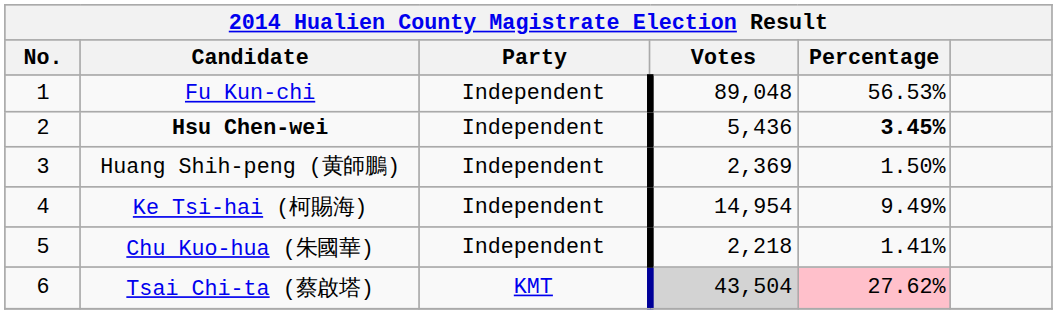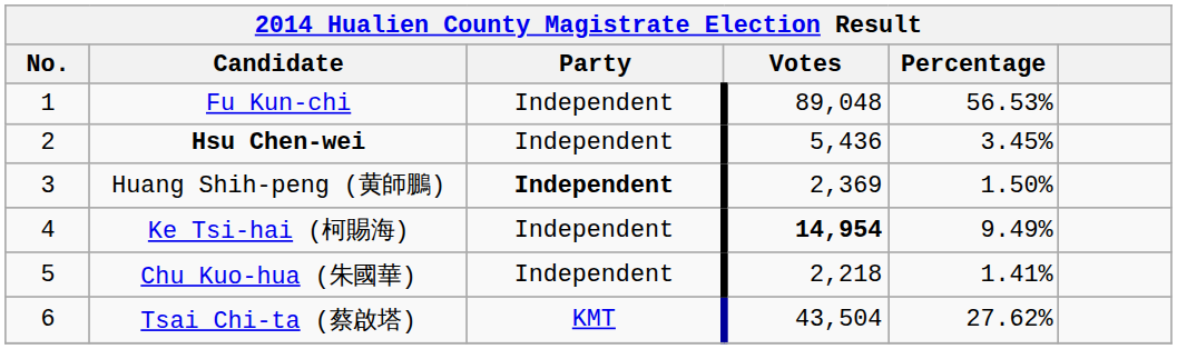 <table class="wikitable" style="text-align:center;margin: 1em auto;">
 <tr>
 <th colspan="7" width=620px><a href='#'>2014 Hualien County Magistrate Election</a> Result</th>
 </tr>
 <tr>
 <th width=35>No.</th>
 <th width=180>Candidate</th>
 <th width=120>Party</th>
 <th width=75>Votes</th>
 <th width=75>Percentage</th>
 <th width=49></th>
 </tr>
 <tr>
 <td>1</td>
 <td><a href='#'>Fu Kun-chi</a></td>
 <td>Independent</td>
 <td style="border-left:4px solid #000000;" align="right">89,048</td>
 <td align="right">56.53%</td>
 <td align="center"></td>
 </tr>
 <tr>
 <td>2</td>
 <td><strong>Hsu Chen-wei</strong></td>
 <td>Independent</td>
 <td style="border-left:4px solid #000000;" align="right">5,436</td>
-<td align="right"><strong>3.45%</strong></td>
+<td align="right">3.45%</td>
 <td align="center"></td>
 </tr>
 <tr>
 <td>3</td>
 <td>Huang Shih-peng (黄師鵬)</td>
-<td>Independent</td>
+<td><strong>Independent</strong></td>
 <td style="border-left:4px solid #000000;" align="right">2,369</td>
 <td align="right">1.50%</td>
 <td align="center"></td>
 </tr>
 <tr>
 <td>4</td>
 <td><a href='#'>Ke Tsi-hai</a> (柯賜海)</td>
 <td>Independent</td>
-<td style="border-left:4px solid #000000;" align="right">14,954</td>
+<td style="border-left:4px solid #000000;" align="right"><strong>14,954</strong></td>
 <td align="right">9.49%</td>
 <td align="center"></td>
 </tr>
 <tr>
 <td>5</td>
 <td><a href='#'>Chu Kuo-hua</a> (朱國華)</td>
 <td>Independent</td>
 <td style="border-left:4px solid #000000;" align="right">2,218</td>
 <td align="right">1.41%</td>
 <td align="center"></td>
 </tr>
 <tr>
 <td>6</td>
 <td><a href='#'>Tsai Chi-ta</a> (蔡啟塔)</td>
 <td><a href='#'>KMT</a></td>
-<td style="background: lightgrey; border-left:4px solid #000099;" align="right">43,504</td>
-<td align="right" style="background: pink;">27.62%</td>
+<td style="border-left:4px solid #000099;" align="right">43,504</td>
+<td align="right">27.62%</td>
 <td align="center"></td>
 </tr>
 <tr bgcolor=EEEEEE>
 </tr>
 </table>
